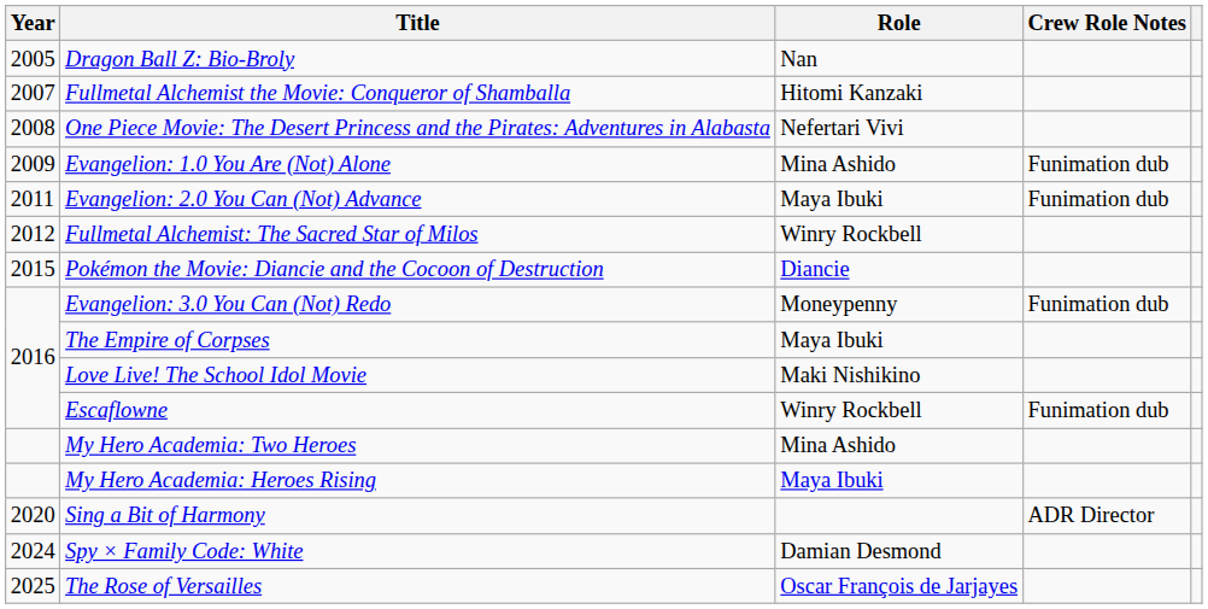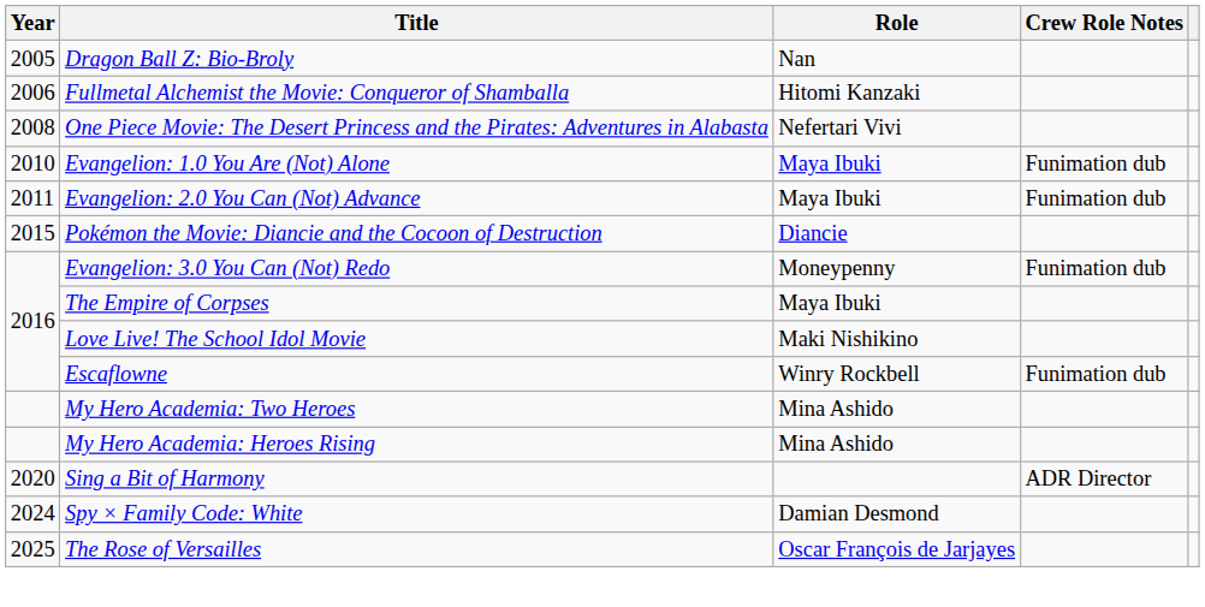 <table class="wikitable sortable plainrowheaders">
 <tr>
 <th>Year</th>
 <th>Title</th>
 <th>Role</th>
 <th>Crew Role Notes</th>
 <th class="unsortable"></th>
 </tr>
 <tr>
 <td>2005</td>
 <td><em><a href='#'>Dragon Ball Z: Bio-Broly</a></em></td>
 <td>Nan</td>
 <td></td>
 <td></td>
 </tr>
 <tr>
-<td>2007</td>
+<td>2006</td>
 <td><em><a href='#'>Fullmetal Alchemist the Movie: Conqueror of Shamballa</a></em></td>
 <td>Hitomi Kanzaki</td>
 <td></td>
 <td></td>
 </tr>
 <tr>
 <td>2008</td>
 <td><em><a href='#'>One Piece Movie: The Desert Princess and the Pirates: Adventures in Alabasta</a></em></td>
 <td>Nefertari Vivi</td>
 <td></td>
 <td></td>
 </tr>
 <tr>
-<td>2009</td>
+<td>2010</td>
 <td><em><a href='#'>Evangelion: 1.0 You Are (Not) Alone</a></em></td>
-<td>Mina Ashido</td>
+<td><a href='#'>Maya Ibuki</a></td>
 <td>Funimation dub</td>
 <td></td>
 </tr>
 <tr>
 <td>2011</td>
 <td><em><a href='#'>Evangelion: 2.0 You Can (Not) Advance</a></em></td>
 <td>Maya Ibuki</td>
 <td>Funimation dub</td>
-<td></td>
-</tr>
-<tr>
-<td>2012</td>
-<td><em><a href='#'>Fullmetal Alchemist: The Sacred Star of Milos</a></em></td>
-<td>Winry Rockbell</td>
-<td></td>
 <td></td>
 </tr>
 <tr>
 <td>2015</td>
 <td><em><a href='#'>Pokémon the Movie: Diancie and the Cocoon of Destruction</a></em></td>
 <td><a href='#'>Diancie</a></td>
 <td></td>
 <td></td>
 </tr>
 <tr>
 <td rowspan="4">2016</td>
 <td><em><a href='#'>Evangelion: 3.0 You Can (Not) Redo</a></em></td>
 <td>Moneypenny</td>
 <td>Funimation dub</td>
 <td></td>
 </tr>
 <tr>
 <td><em><a href='#'>The Empire of Corpses</a></em></td>
 <td>Maya Ibuki</td>
 <td></td>
 <td></td>
 </tr>
 <tr>
 <td><em><a href='#'>Love Live! The School Idol Movie</a></em></td>
 <td>Maki Nishikino</td>
 <td></td>
 <td></td>
 </tr>
 <tr>
 <td><em><a href='#'>Escaflowne</a></em></td>
 <td>Winry Rockbell</td>
 <td>Funimation dub</td>
 <td></td>
 </tr>
 <tr>
 <td></td>
 <td><em><a href='#'>My Hero Academia: Two Heroes</a></em></td>
 <td>Mina Ashido</td>
 <td></td>
 <td></td>
 </tr>
 <tr>
 <td></td>
 <td><em><a href='#'>My Hero Academia: Heroes Rising</a></em></td>
-<td><a href='#'>Maya Ibuki</a></td>
+<td>Mina Ashido</td>
 <td></td>
 <td></td>
 </tr>
 <tr>
 <td>2020</td>
 <td><em><a href='#'>Sing a Bit of Harmony</a></em></td>
 <td></td>
 <td>ADR Director</td>
 <td></td>
 </tr>
 <tr>
 <td>2024</td>
 <td><em><a href='#'>Spy × Family Code: White</a></em></td>
 <td>Damian Desmond</td>
 <td></td>
 <td></td>
 </tr>
 <tr>
 <td>2025</td>
 <td><em><a href='#'>The Rose of Versailles</a></em></td>
 <td><a href='#'>Oscar François de Jarjayes</a></td>
 <td></td>
 <td></td>
 </tr>
 </table>
